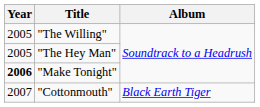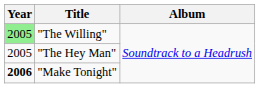 <table class="wikitable">
 <tr>
 <th>Year</th>
 <th>Title</th>
 <th>Album</th>
 </tr>
 <tr>
-<td>2005</td>
+<td style="background: lightgreen;">2005</td>
 <td>"The Willing"</td>
 <td rowspan="3"><em><a href='#'>Soundtrack to a Headrush</a></em></td>
 </tr>
 <tr>
 <td>2005</td>
 <td>"The Hey Man"</td>
 </tr>
 <tr>
 <td><strong>2006</strong></td>
 <td>"Make Tonight"</td>
 </tr>
-<tr>
-<td>2007</td>
-<td>"Cottonmouth"</td>
-<td><em><a href='#'>Black Earth Tiger</a></em></td>
-</tr>
 </table>
